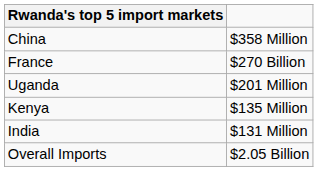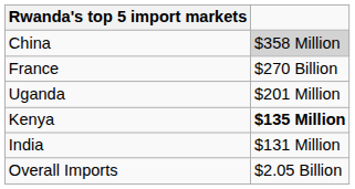 <table class="wikitable">
 <tr>
 <th>Rwanda's top 5 import markets</th>
 </tr>
 <tr>
 <td>China</td>
-<td>$358 Million</td>
+<td style="background: lightgrey;">$358 Million</td>
 </tr>
 <tr>
 <td>France</td>
 <td>$270 Billion</td>
 </tr>
 <tr>
 <td>Uganda</td>
 <td>$201 Million</td>
 </tr>
 <tr>
 <td>Kenya</td>
-<td>$135 Million</td>
+<td><strong>$135 Million</strong></td>
 </tr>
 <tr>
 <td>India</td>
 <td>$131 Million</td>
 </tr>
 <tr>
 <td>Overall Imports</td>
 <td>$2.05 Billion</td>
 </tr>
 </table>
